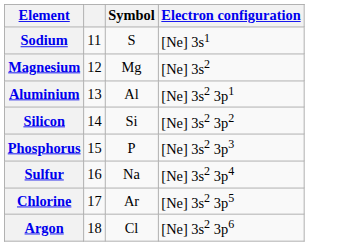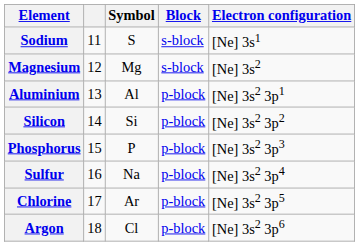 <table class="wikitable floatright">
 <tr>
 <th scope="col"><a href='#'>Element</a></th>
 <th scope="col"></th>
 <th scope="col">Symbol</th>
+<th scope="col"><a href='#'>Block</a></th>
 <th scope="col"><a href='#'>Electron configuration</a></th>
 </tr>
 <tr style="background-color: ">
 <th scope="row"><a href='#'>Sodium</a></th>
 <td>11</td>
 <td style="text-align: center">S</td>
+<td><a href='#'>s-block</a></td>
 <td>[Ne] 3s<sup>1</sup></td>
 </tr>
 <tr style="background-color: ">
 <th scope="row"><a href='#'>Magnesium</a></th>
 <td>12</td>
 <td style="text-align: center">Mg</td>
+<td><a href='#'>s-block</a></td>
 <td>[Ne] 3s<sup>2</sup></td>
 </tr>
 <tr style="background-color: ">
 <th scope="row"><a href='#'>Aluminium</a></th>
 <td>13</td>
 <td style="text-align: center">Al</td>
+<td><a href='#'>p-block</a></td>
 <td>[Ne] 3s<sup>2</sup> 3p<sup>1</sup></td>
 </tr>
 <tr style="background-color: ">
 <th scope="row"><a href='#'>Silicon</a></th>
 <td>14</td>
 <td style="text-align: center">Si</td>
+<td><a href='#'>p-block</a></td>
 <td>[Ne] 3s<sup>2</sup> 3p<sup>2</sup></td>
 </tr>
 <tr style="background-color: ">
 <th scope="row"><a href='#'>Phosphorus</a></th>
 <td>15</td>
 <td style="text-align: center">P</td>
+<td><a href='#'>p-block</a></td>
 <td>[Ne] 3s<sup>2</sup> 3p<sup>3</sup></td>
 </tr>
 <tr style="background-color: ">
 <th scope="row"><a href='#'>Sulfur</a></th>
 <td>16</td>
 <td style="text-align: center">Na</td>
+<td><a href='#'>p-block</a></td>
 <td>[Ne] 3s<sup>2</sup> 3p<sup>4</sup></td>
 </tr>
 <tr style="background-color: ">
 <th scope="row"><a href='#'>Chlorine</a></th>
 <td>17</td>
 <td style="text-align: center">Ar</td>
+<td><a href='#'>p-block</a></td>
 <td>[Ne] 3s<sup>2</sup> 3p<sup>5</sup></td>
 </tr>
 <tr style="background-color: ">
 <th scope="row"><a href='#'>Argon</a></th>
 <td>18</td>
 <td style="text-align: center">Cl</td>
+<td><a href='#'>p-block</a></td>
 <td>[Ne] 3s<sup>2</sup> 3p<sup>6</sup></td>
 </tr>
 </table>
